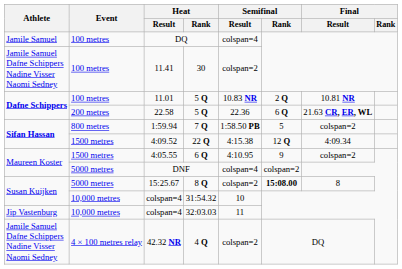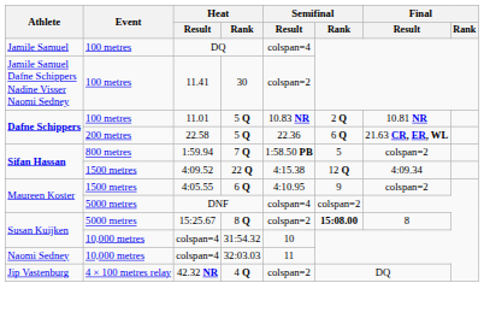 <table class="wikitable" style="font-size:90%">
 <tr>
 <th rowspan="2">Athlete</th>
 <th rowspan="2">Event</th>
 <th colspan="2">Heat</th>
 <th colspan="2">Semifinal</th>
 <th colspan="2">Final</th>
 </tr>
 <tr style="font-size:95%">
 <th>Result</th>
 <th>Rank</th>
 <th>Result</th>
 <th>Rank</th>
 <th>Result</th>
 <th>Rank</th>
 </tr>
 <tr style=text-align:center>
 <td style=text-align:left><a href='#'>Jamile Samuel</a></td>
 <td style=text-align:left><a href='#'>100 metres</a></td>
 <td colspan=2>DQ</td>
 <td>colspan=4 </td>
 </tr>
 <tr style=text-align:center>
 <td style=text-align:left><a href='#'>Jamile Samuel</a> <br><a href='#'>Dafne Schippers</a><br><a href='#'>Nadine Visser</a><br><a href='#'>Naomi Sedney</a></td>
 <td style=text-align:left><a href='#'>100 metres</a></td>
 <td>11.41</td>
 <td>30</td>
 <td>colspan=2 </td>
 </tr>
 <tr style=text-align:center>
 <td style=text-align:left rowspan=2><strong><a href='#'>Dafne Schippers</a></strong></td>
 <td style=text-align:left><a href='#'>100 metres</a></td>
 <td>11.01</td>
 <td>5 <strong>Q</strong></td>
 <td>10.83 <strong><a href='#'>NR</a></strong></td>
 <td>2 <strong>Q</strong></td>
 <td>10.81 <strong><a href='#'>NR</a></strong></td>
 <td></td>
 </tr>
 <tr style=text-align:center>
 <td style=text-align:left><a href='#'>200 metres</a></td>
 <td>22.58</td>
 <td>5 <strong>Q</strong></td>
 <td>22.36</td>
 <td>6 <strong>Q</strong></td>
 <td>21.63 <strong><a href='#'>CR</a>,  <a href='#'>ER</a>, WL</strong></td>
 <td></td>
 </tr>
 <tr style=text-align:center>
 <td style=text-align:left rowspan=2><strong><a href='#'>Sifan Hassan</a></strong></td>
 <td style=text-align:left><a href='#'>800 metres</a></td>
 <td>1:59.94</td>
 <td>7 <strong>Q</strong></td>
 <td>1:58.50 <strong>PB</strong></td>
 <td>5</td>
 <td>colspan=2 </td>
 </tr>
 <tr style=text-align:center>
 <td style=text-align:left><a href='#'>1500 metres</a></td>
 <td>4:09.52</td>
 <td>22 <strong>Q</strong></td>
 <td>4:15.38</td>
 <td>12 <strong>Q</strong></td>
 <td>4:09.34</td>
 <td></td>
 </tr>
 <tr style=text-align:center>
 <td style=text-align:left rowspan=2><a href='#'>Maureen Koster</a></td>
 <td style=text-align:left><a href='#'>1500 metres</a></td>
 <td>4:05.55</td>
 <td>6 <strong>Q</strong></td>
 <td>4:10.95</td>
 <td>9</td>
 <td>colspan=2 </td>
 </tr>
 <tr style=text-align:center>
 <td style=text-align:left><a href='#'>5000 metres</a></td>
 <td colspan=2>DNF</td>
 <td>colspan=4 </td>
 <td>colspan=2 </td>
 </tr>
 <tr style=text-align:center>
 <td style=text-align:left rowspan=2><a href='#'>Susan Kuijken</a></td>
 <td style=text-align:left><a href='#'>5000 metres</a></td>
 <td>15:25.67</td>
 <td>8 <strong>Q</strong></td>
 <td>colspan=2 </td>
 <td><strong>15:08.00</strong></td>
 <td>8</td>
 </tr>
 <tr style=text-align:center>
 <td style=text-align:left><a href='#'>10,000 metres</a></td>
 <td>colspan=4 </td>
 <td>31:54.32</td>
 <td>10</td>
 </tr>
 <tr style=text-align:center>
-<td style=text-align:left><a href='#'>Jip Vastenburg</a></td>
+<td style=text-align:left><a href='#'>Naomi Sedney</a></td>
 <td style=text-align:left><a href='#'>10,000 metres</a></td>
 <td>colspan=4 </td>
 <td>32:03.03</td>
 <td>11</td>
 </tr>
 <tr style=text-align:center>
-<td style=text-align:left><a href='#'>Jamile Samuel</a> <br><a href='#'>Dafne Schippers</a><br><a href='#'>Nadine Visser</a><br><a href='#'>Naomi Sedney</a></td>
+<td style=text-align:left><a href='#'>Jip Vastenburg</a></td>
 <td style=text-align:left><a href='#'>4 × 100 metres relay</a></td>
 <td>42.32 <strong><a href='#'>NR</a></strong></td>
 <td>4 <strong>Q</strong></td>
 <td>colspan=2 </td>
 <td colspan=2>DQ</td>
 </tr>
 </table>
